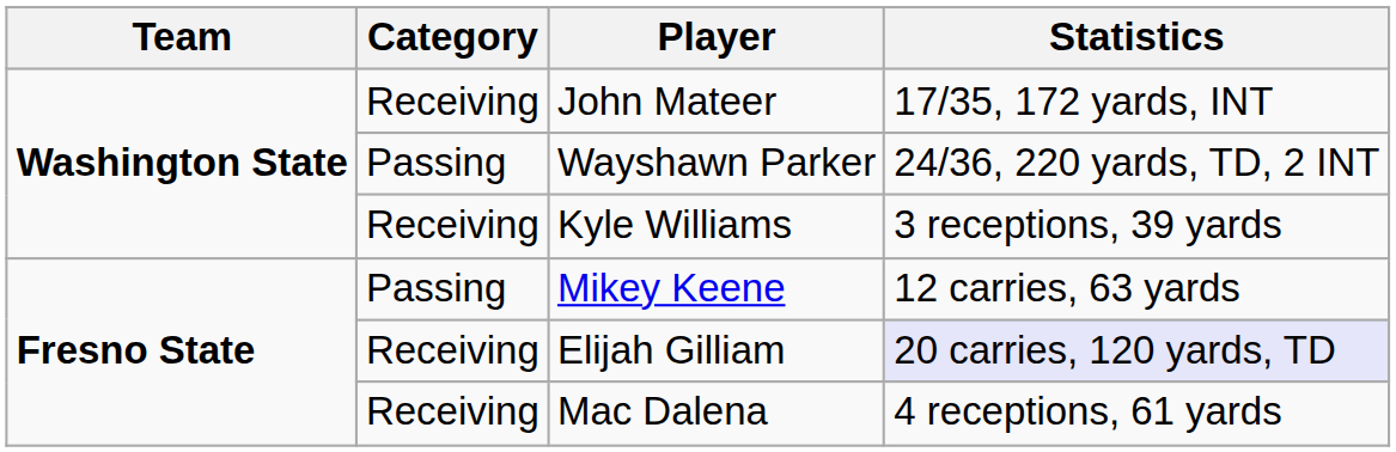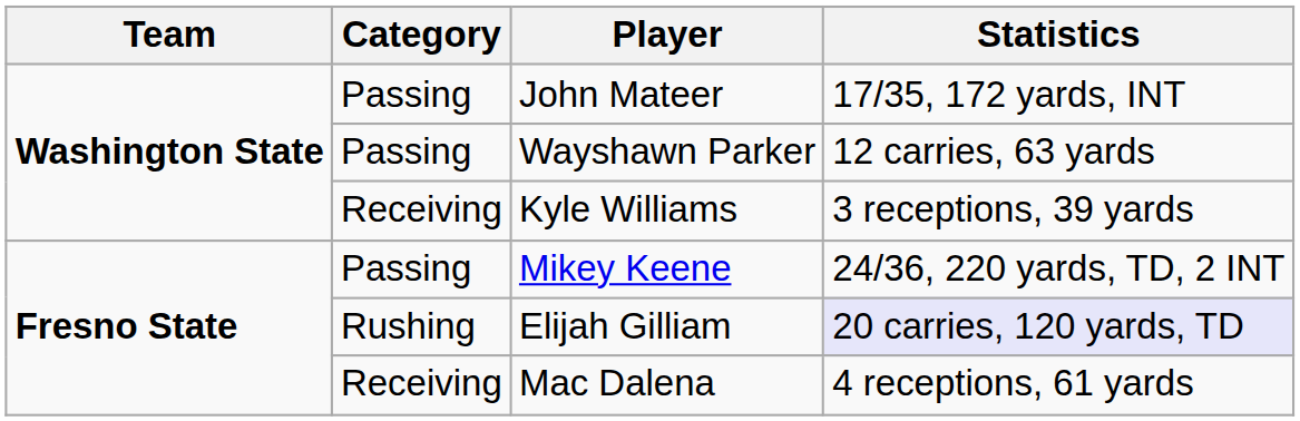 <table class="wikitable" style="float: right;">
 <tr>
 <th>Team</th>
 <th>Category</th>
 <th>Player</th>
 <th>Statistics</th>
 </tr>
 <tr>
 <td rowspan=3><strong>Washington State</strong></td>
-<td>Receiving</td>
+<td>Passing</td>
 <td>John Mateer</td>
 <td>17/35, 172 yards, INT</td>
 </tr>
 <tr>
 <td>Passing</td>
 <td>Wayshawn Parker</td>
-<td>24/36, 220 yards, TD, 2 INT</td>
+<td>12 carries, 63 yards</td>
 </tr>
 <tr>
 <td>Receiving</td>
 <td>Kyle Williams</td>
 <td>3 receptions, 39 yards</td>
 </tr>
 <tr>
 <td rowspan=3><strong>Fresno State</strong></td>
 <td>Passing</td>
 <td><a href='#'>Mikey Keene</a></td>
-<td>12 carries, 63 yards</td>
+<td>24/36, 220 yards, TD, 2 INT</td>
 </tr>
 <tr>
-<td>Receiving</td>
+<td>Rushing</td>
 <td>Elijah Gilliam</td>
 <td style="background: lavender;">20 carries, 120 yards, TD</td>
 </tr>
 <tr>
 <td>Receiving</td>
 <td>Mac Dalena</td>
 <td>4 receptions, 61 yards</td>
 </tr>
 </table>
